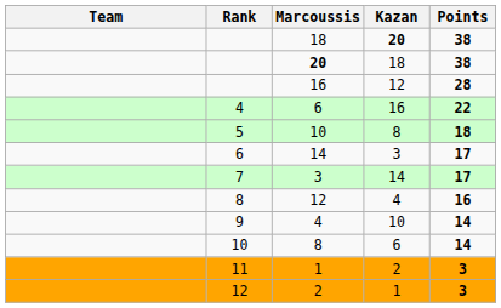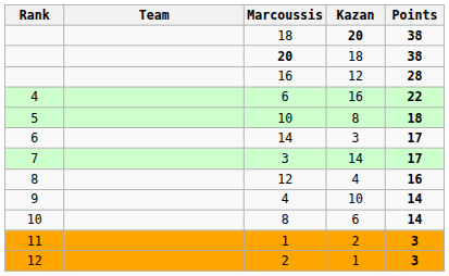 <table class="wikitable" style="text-align: center;">
 <tr>
+<th width=55>Rank</th>
 <th width=180>Team</th>
-<th width=55>Rank</th>
 <th width=55>Marcoussis</th>
 <th width=55>Kazan</th>
 <th width=55>Points</th>
 </tr>
 <tr>
+<td></td>
 <td align=left></td>
-<td></td>
 <td>18</td>
 <td><strong>20</strong></td>
 <td><strong>38</strong></td>
 </tr>
 <tr>
+<td></td>
 <td align=left></td>
-<td></td>
 <td><strong>20</strong></td>
 <td>18</td>
 <td><strong>38</strong></td>
 </tr>
 <tr>
+<td></td>
 <td align=left></td>
-<td></td>
 <td>16</td>
 <td>12</td>
 <td><strong>28</strong></td>
 </tr>
 <tr bgcolor=ccffcc>
+<td>4</td>
 <td align=left></td>
-<td>4</td>
 <td>6</td>
 <td>16</td>
 <td><strong>22</strong></td>
 </tr>
 <tr bgcolor=ccffcc>
+<td>5</td>
 <td align=left></td>
-<td>5</td>
 <td>10</td>
 <td>8</td>
 <td><strong>18</strong></td>
 </tr>
 <tr>
+<td>6</td>
 <td align=left></td>
-<td>6</td>
 <td>14</td>
 <td>3</td>
 <td><strong>17</strong></td>
 </tr>
 <tr bgcolor=ccffcc>
+<td>7</td>
 <td align=left></td>
-<td>7</td>
 <td>3</td>
 <td>14</td>
 <td><strong>17</strong></td>
 </tr>
 <tr>
+<td>8</td>
 <td align=left></td>
-<td>8</td>
 <td>12</td>
 <td>4</td>
 <td><strong>16</strong></td>
 </tr>
 <tr>
+<td>9</td>
 <td align=left></td>
-<td>9</td>
 <td>4</td>
 <td>10</td>
 <td><strong>14</strong></td>
 </tr>
 <tr>
+<td>10</td>
 <td align=left></td>
-<td>10</td>
 <td>8</td>
 <td>6</td>
 <td><strong>14</strong></td>
 </tr>
 <tr bgcolor=FFA500>
+<td>11</td>
 <td align=left></td>
-<td>11</td>
 <td>1</td>
 <td>2</td>
 <td><strong>3</strong></td>
 </tr>
 <tr bgcolor=FFA500>
+<td>12</td>
 <td align=left></td>
-<td>12</td>
 <td>2</td>
 <td>1</td>
 <td><strong>3</strong></td>
 </tr>
 </table>
